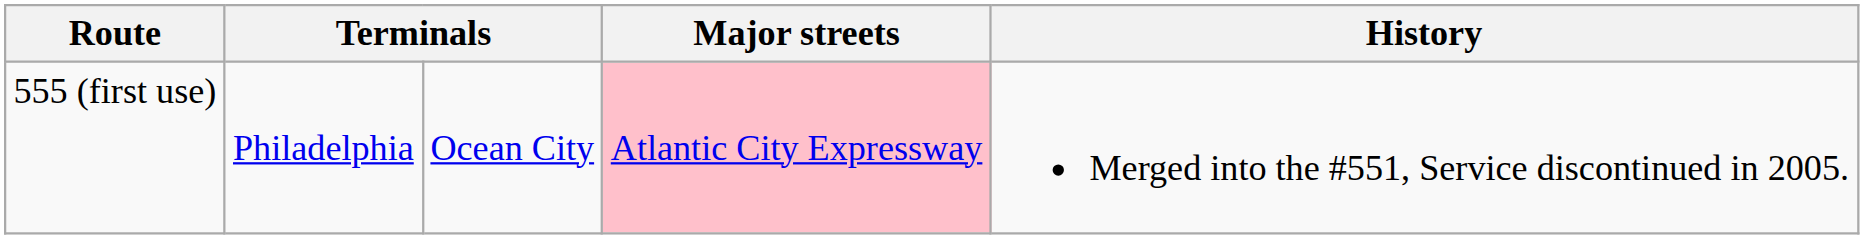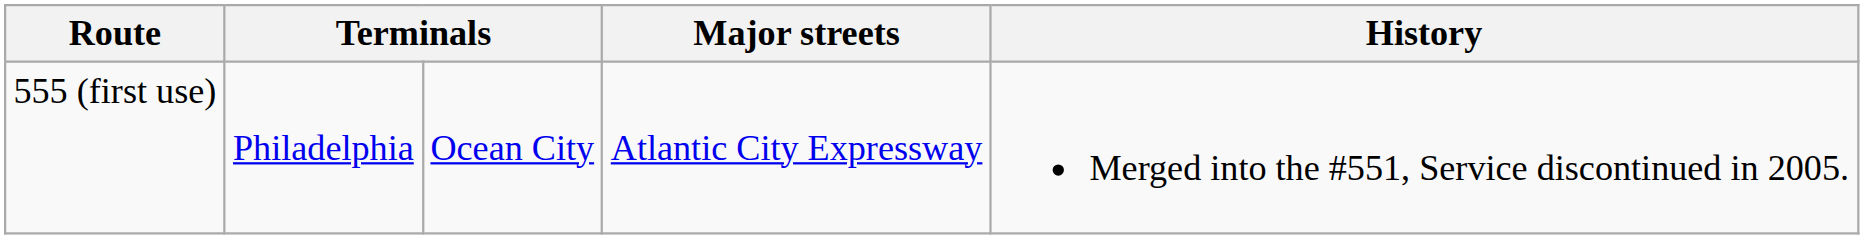 <table class=wikitable>
 <tr>
 <th>Route</th>
 <th colspan=2>Terminals</th>
 <th>Major streets</th>
 <th>History</th>
 </tr>
 <tr>
 <td valign=top>555 (first use)</td>
 <td><a href='#'>Philadelphia</a></td>
 <td><a href='#'>Ocean City</a></td>
-<td style="background: pink;"><a href='#'>Atlantic City Expressway</a></td>
+<td><a href='#'>Atlantic City Expressway</a></td>
 <td><br><ul><li>Merged into the #551, Service discontinued in 2005.</li></ul></td>
 </tr>
 </table>
